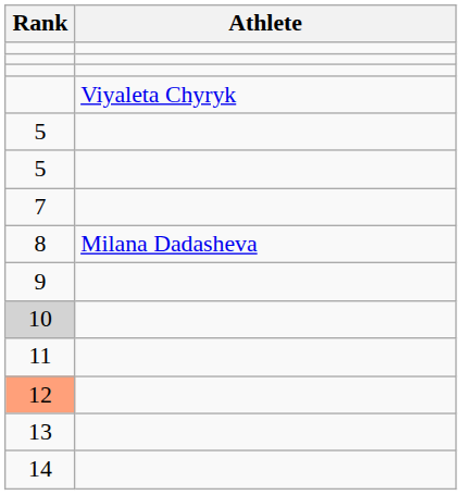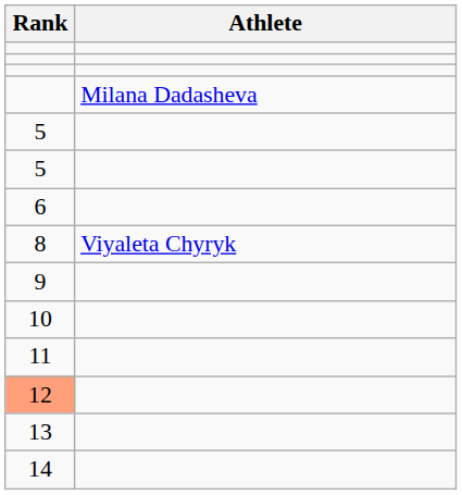 <table class="wikitable" style="text-align: center;">
 <tr>
 <th width=40>Rank</th>
 <th width=250>Athlete</th>
 </tr>
 <tr>
 <td></td>
 <td align="left"></td>
 </tr>
 <tr>
 <td></td>
 <td align="left"></td>
 </tr>
 <tr>
 <td></td>
 <td align="left"></td>
 </tr>
 <tr>
 <td></td>
-<td align="left"> <a href='#'>Viyaleta Chyryk</a> </td>
+<td align="left"> <a href='#'>Milana Dadasheva</a> </td>
 </tr>
 <tr>
 <td>5</td>
 <td align="left"></td>
 </tr>
 <tr>
 <td>5</td>
 <td align="left"></td>
 </tr>
 <tr>
-<td>7</td>
+<td>6</td>
 <td align="left"></td>
 </tr>
 <tr>
 <td>8</td>
-<td align="left"> <a href='#'>Milana Dadasheva</a> </td>
+<td align="left"> <a href='#'>Viyaleta Chyryk</a> </td>
 </tr>
 <tr>
 <td>9</td>
 <td align="left"></td>
 </tr>
 <tr>
-<td style="background: lightgrey;">10</td>
+<td>10</td>
 <td align="left"></td>
 </tr>
 <tr>
 <td>11</td>
 <td align="left"></td>
 </tr>
 <tr>
 <td style="background: lightsalmon;">12</td>
 <td align="left"></td>
 </tr>
 <tr>
 <td>13</td>
 <td align="left"></td>
 </tr>
 <tr>
 <td>14</td>
 <td align="left"></td>
 </tr>
 </table>
